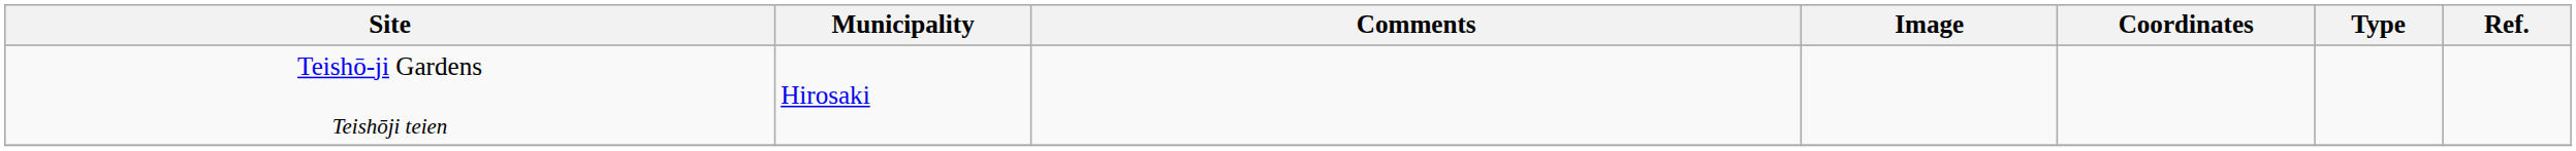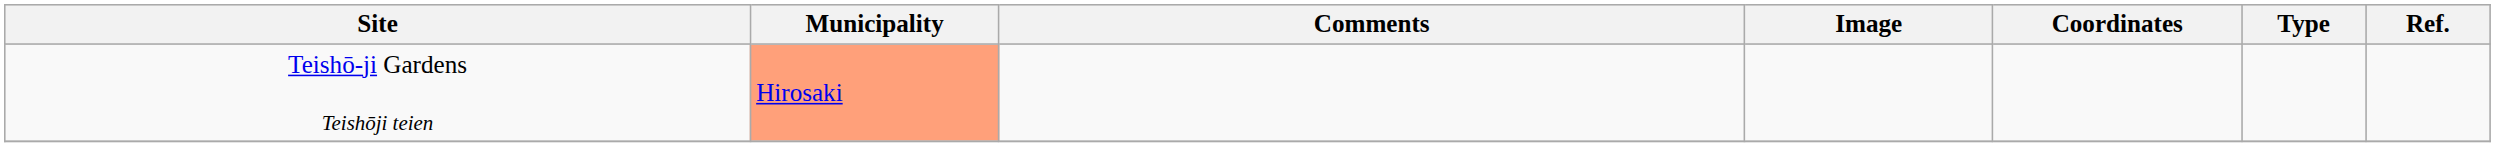 <table class="wikitable sortable"  style="width:100%;">
 <tr>
 <th width="30%" align="left">Site</th>
 <th width="10%" align="left">Municipality</th>
 <th width="30%" align="left" class="unsortable">Comments</th>
 <th width="10%" align="left"  class="unsortable">Image</th>
 <th width="10%" align="left" class="unsortable">Coordinates</th>
 <th width="5%" align="left">Type</th>
 <th width="5%" align="left"  class="unsortable">Ref.</th>
 </tr>
 <tr>
 <td align="center"><a href='#'>Teishō-ji</a> Gardens<br><br><small><em>Teishōji teien</em></small></td>
-<td><a href='#'>Hirosaki</a></td>
+<td style="background: lightsalmon;"><a href='#'>Hirosaki</a></td>
 <td></td>
 <td></td>
 <td></td>
 <td></td>
 <td></td>
 </tr>
 <tr>
 </tr>
 </table>
